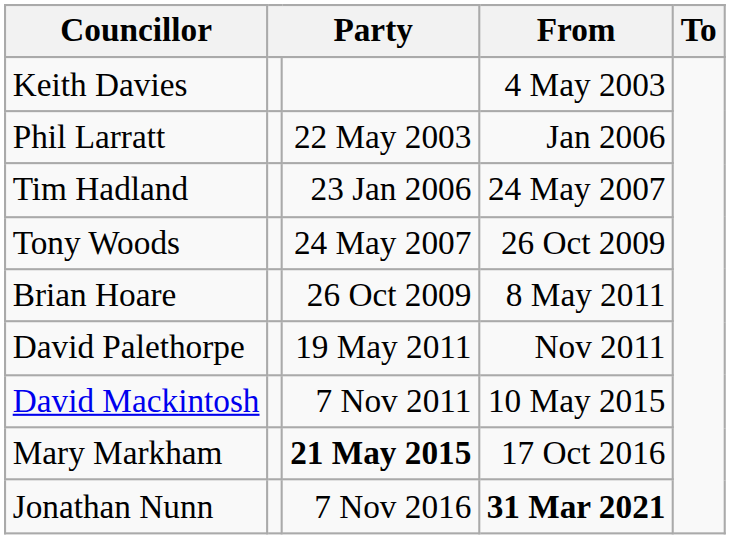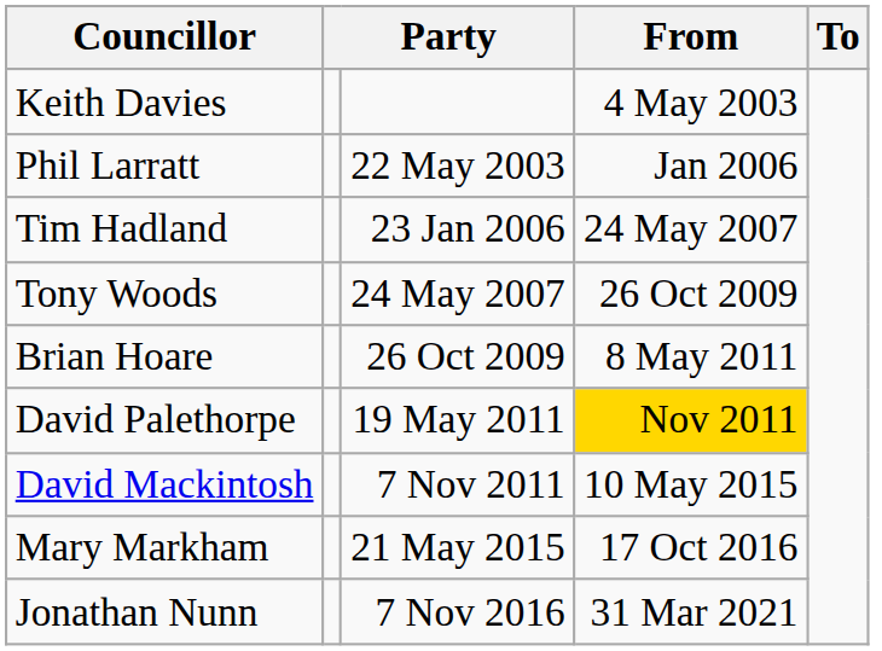 <table class=wikitable>
 <tr>
 <th>Councillor</th>
 <th colspan=2>Party</th>
 <th>From</th>
 <th>To</th>
 </tr>
 <tr>
 <td>Keith Davies</td>
 <td></td>
 <td></td>
 <td align=right>4 May 2003</td>
 </tr>
 <tr>
 <td>Phil Larratt</td>
 <td></td>
 <td align=right>22 May 2003</td>
 <td align=right>Jan 2006</td>
 </tr>
 <tr>
 <td>Tim Hadland</td>
 <td></td>
 <td align=right>23 Jan 2006</td>
 <td align=right>24 May 2007</td>
 </tr>
 <tr>
 <td>Tony Woods</td>
 <td></td>
 <td align=right>24 May 2007</td>
 <td align=right>26 Oct 2009</td>
 </tr>
 <tr>
 <td>Brian Hoare</td>
 <td></td>
 <td align=right>26 Oct 2009</td>
 <td align=right>8 May 2011</td>
 </tr>
 <tr>
 <td>David Palethorpe</td>
 <td></td>
 <td align=right>19 May 2011</td>
-<td align=right>Nov 2011</td>
+<td align=right style="background: gold;">Nov 2011</td>
 </tr>
 <tr>
 <td><a href='#'>David Mackintosh</a></td>
 <td></td>
 <td align=right>7 Nov 2011</td>
 <td align=right>10 May 2015</td>
 </tr>
 <tr>
 <td>Mary Markham</td>
 <td></td>
-<td align=right><strong>21 May 2015</strong></td>
+<td align=right>21 May 2015</td>
 <td align=right>17 Oct 2016</td>
 </tr>
 <tr>
 <td>Jonathan Nunn</td>
 <td></td>
 <td align=right>7 Nov 2016</td>
-<td align=right><strong>31 Mar 2021</strong></td>
+<td align=right>31 Mar 2021</td>
 </tr>
 </table>
